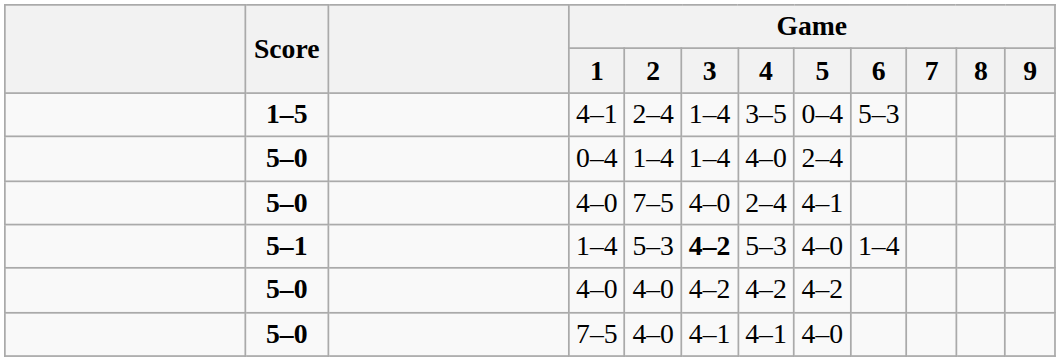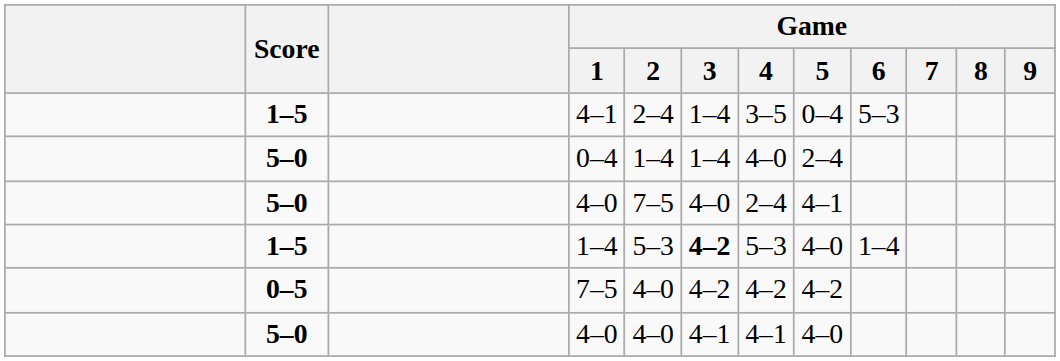 <table class="wikitable" style="text-align: center;">
 <tr>
 <th rowspan=2 align="right" width="270"></th>
 <th rowspan=2 width="45">Score</th>
 <th rowspan=2 align="left" width="270"></th>
 <th colspan=9>Game</th>
 </tr>
 <tr>
 <th width="35">1</th>
 <th width="35">2</th>
 <th width="35">3</th>
 <th width="35">4</th>
 <th width="35">5</th>
 <th width="35">6</th>
 <th width="35">7</th>
 <th width="35">8</th>
 <th width="35">9</th>
 </tr>
 <tr>
 <td align=left><br></td>
 <td align=center><strong>1–5</strong></td>
 <td align=left><strong><br></strong></td>
 <td>4–1</td>
 <td>2–4</td>
 <td>1–4</td>
 <td>3–5</td>
 <td>0–4</td>
 <td>5–3</td>
 <td></td>
 <td></td>
 <td></td>
 </tr>
 <tr>
 <td align=left><br></td>
 <td align=center><strong>5–0</strong></td>
 <td align=left><strong><br></strong></td>
 <td>0–4</td>
 <td>1–4</td>
 <td>1–4</td>
 <td>4–0</td>
 <td>2–4</td>
 <td></td>
 <td></td>
 <td></td>
 <td></td>
 </tr>
 <tr>
 <td align=left><strong><br></strong></td>
 <td align=center><strong>5–0</strong></td>
 <td align=left><br></td>
 <td>4–0</td>
 <td>7–5</td>
 <td>4–0</td>
 <td>2–4</td>
 <td>4–1</td>
 <td></td>
 <td></td>
 <td></td>
 <td></td>
 </tr>
 <tr>
 <td align=left><strong><br></strong></td>
-<td align=center><strong>5–1</strong></td>
+<td align=center><strong>1–5</strong></td>
 <td align=left><br></td>
 <td>1–4</td>
 <td>5–3</td>
 <td><strong>4–2</strong></td>
 <td>5–3</td>
 <td>4–0</td>
 <td>1–4</td>
 <td></td>
 <td></td>
 <td></td>
 </tr>
 <tr>
 <td align=left><strong><br></strong></td>
-<td align=center><strong>5–0</strong></td>
+<td align=center><strong>0–5</strong></td>
 <td align=left><br></td>
-<td>4–0</td>
+<td>7–5</td>
 <td>4–0</td>
 <td>4–2</td>
 <td>4–2</td>
 <td>4–2</td>
 <td></td>
 <td></td>
 <td></td>
 <td></td>
 </tr>
 <tr>
 <td align=left><strong><br></strong></td>
 <td align=center><strong>5–0</strong></td>
 <td align=left><br></td>
-<td>7–5</td>
+<td>4–0</td>
 <td>4–0</td>
 <td>4–1</td>
 <td>4–1</td>
 <td>4–0</td>
 <td></td>
 <td></td>
 <td></td>
 <td></td>
 </tr>
 </table>
